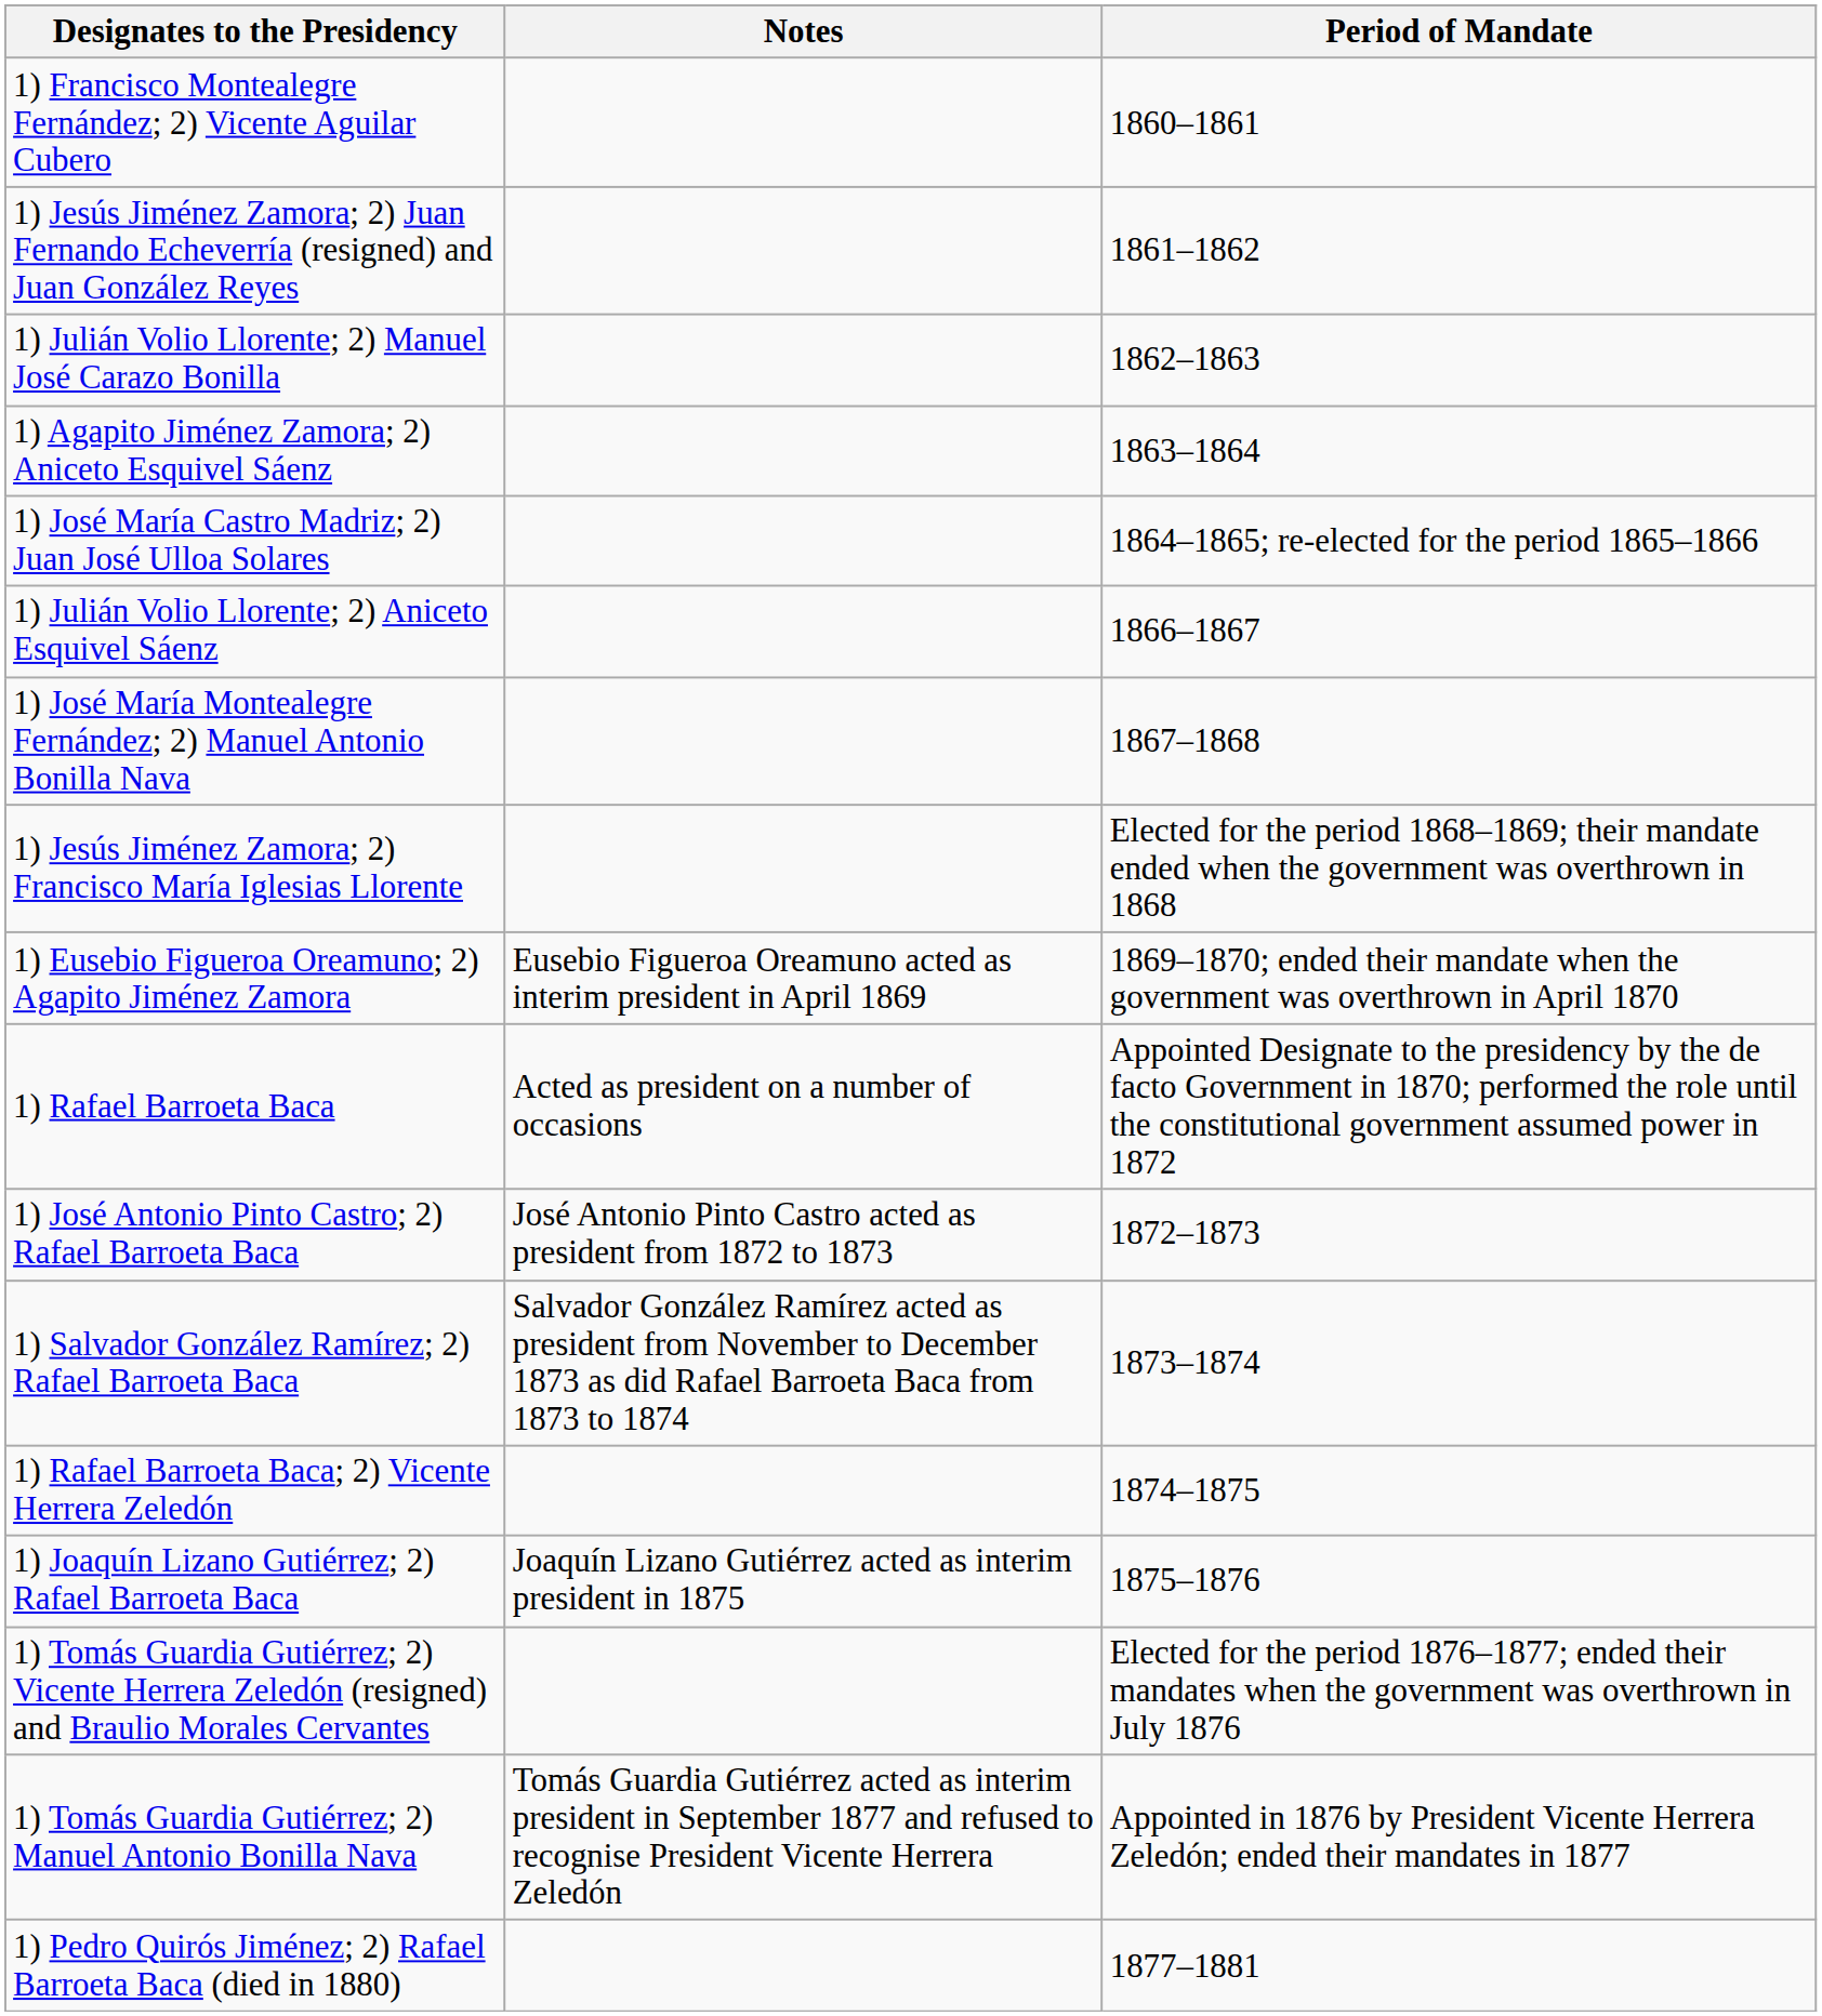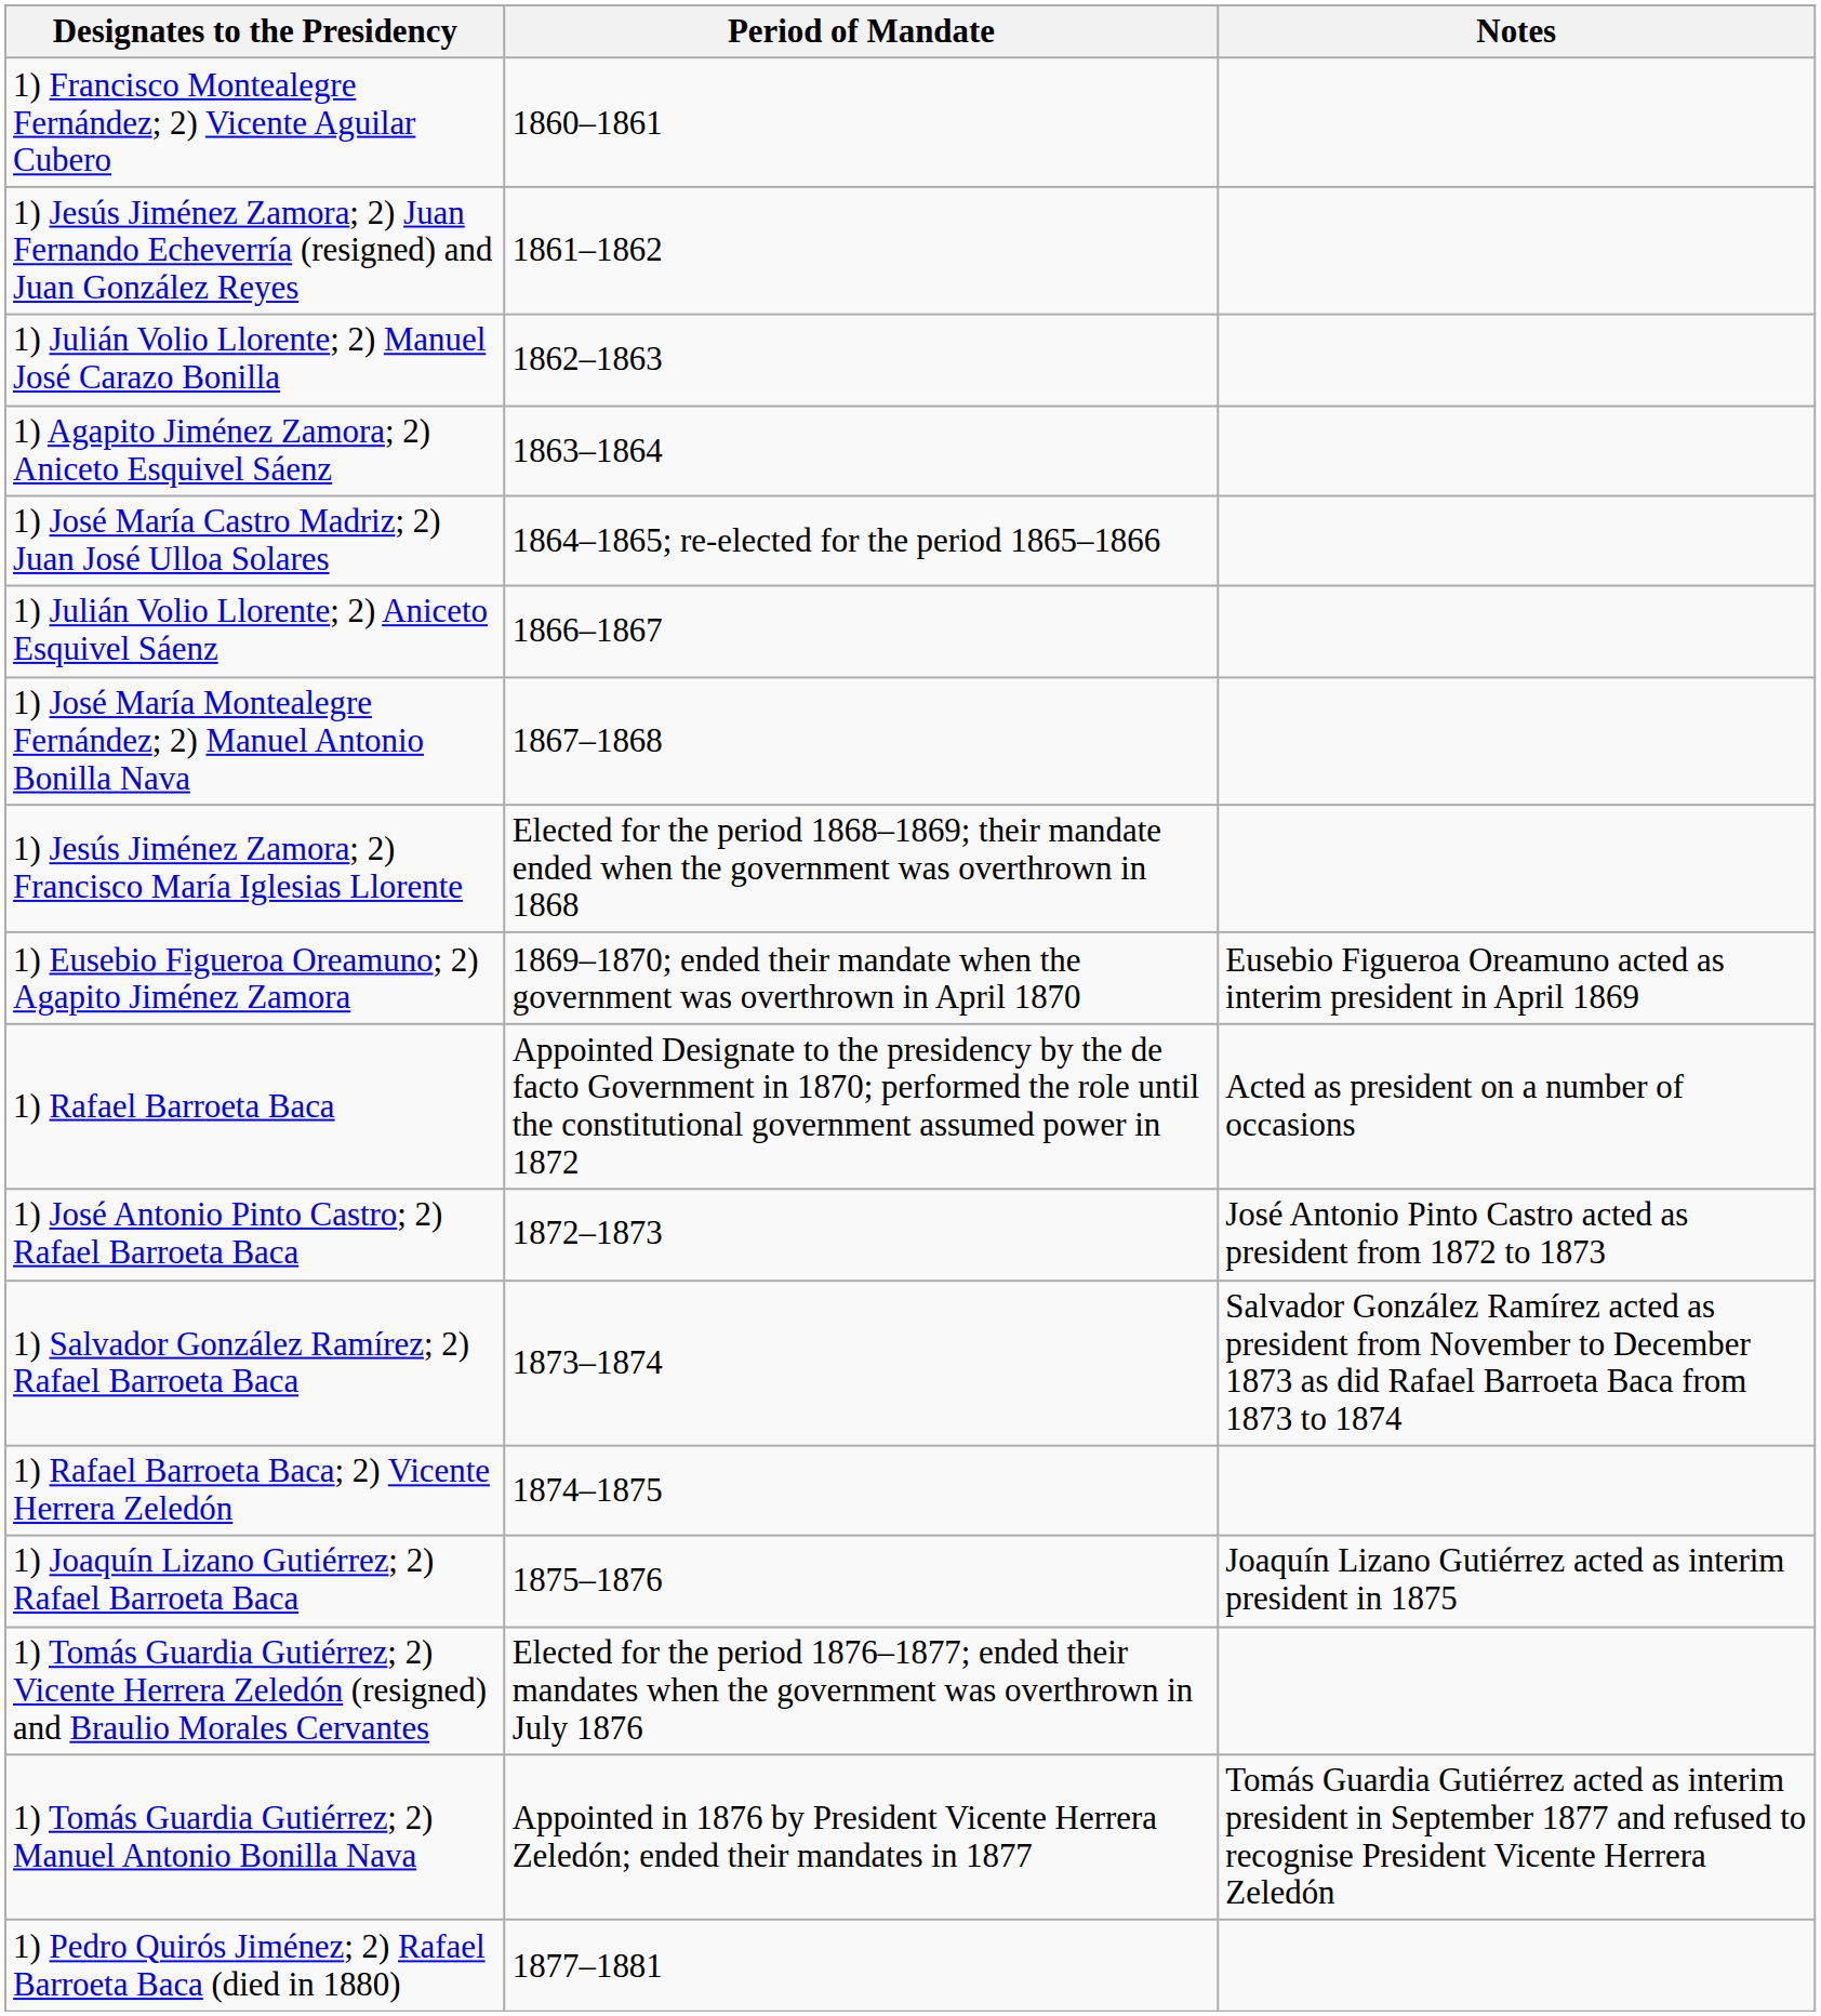 <table class="wikitable">
 <tr>
 <th>Designates to the Presidency</th>
+<th>Period of Mandate</th>
 <th>Notes</th>
-<th>Period of Mandate</th>
 </tr>
 <tr>
 <td>1) <a href='#'>Francisco Montealegre Fernández</a>; 2) <a href='#'>Vicente Aguilar Cubero</a></td>
+<td>1860–1861</td>
 <td></td>
-<td>1860–1861</td>
 </tr>
 <tr>
 <td>1) <a href='#'>Jesús Jiménez Zamora</a>; 2) <a href='#'>Juan Fernando Echeverría</a> (resigned) and <a href='#'>Juan González Reyes</a></td>
+<td>1861–1862</td>
 <td></td>
-<td>1861–1862</td>
 </tr>
 <tr>
 <td>1) <a href='#'>Julián Volio Llorente</a>; 2) <a href='#'>Manuel José Carazo Bonilla</a></td>
+<td>1862–1863</td>
 <td></td>
-<td>1862–1863</td>
 </tr>
 <tr>
 <td>1) <a href='#'>Agapito Jiménez Zamora</a>; 2) <a href='#'>Aniceto Esquivel Sáenz</a></td>
+<td>1863–1864</td>
 <td></td>
-<td>1863–1864</td>
 </tr>
 <tr>
 <td>1) <a href='#'>José María Castro Madriz</a>; 2) <a href='#'>Juan José Ulloa Solares</a></td>
+<td>1864–1865; re-elected for the period 1865–1866</td>
 <td></td>
-<td>1864–1865; re-elected for the period 1865–1866</td>
 </tr>
 <tr>
 <td>1) <a href='#'>Julián Volio Llorente</a>; 2) <a href='#'>Aniceto Esquivel Sáenz</a></td>
+<td>1866–1867</td>
 <td></td>
-<td>1866–1867</td>
 </tr>
 <tr>
 <td>1) <a href='#'>José María Montealegre Fernández</a>; 2) <a href='#'>Manuel Antonio Bonilla Nava</a></td>
+<td>1867–1868</td>
 <td></td>
-<td>1867–1868</td>
 </tr>
 <tr>
 <td>1) <a href='#'>Jesús Jiménez Zamora</a>; 2) <a href='#'>Francisco María Iglesias Llorente</a></td>
+<td>Elected for the period 1868–1869; their mandate ended when the government was overthrown in 1868</td>
 <td></td>
-<td>Elected for the period 1868–1869; their mandate ended when the government was overthrown in 1868</td>
 </tr>
 <tr>
 <td>1) <a href='#'>Eusebio Figueroa Oreamuno</a>; 2) <a href='#'>Agapito Jiménez Zamora</a></td>
+<td>1869–1870; ended their mandate when the government was overthrown in April 1870</td>
 <td>Eusebio Figueroa Oreamuno acted as interim president in April 1869</td>
-<td>1869–1870; ended their mandate when the government was overthrown in April 1870</td>
 </tr>
 <tr>
 <td>1) <a href='#'>Rafael Barroeta Baca</a></td>
+<td>Appointed Designate to the presidency by the de facto Government in 1870; performed the role until the constitutional government assumed power in 1872</td>
 <td>Acted as president on a number of occasions</td>
-<td>Appointed Designate to the presidency by the de facto Government in 1870; performed the role until the constitutional government assumed power in 1872</td>
 </tr>
 <tr>
 <td>1) <a href='#'>José Antonio Pinto Castro</a>; 2) <a href='#'>Rafael Barroeta Baca</a></td>
+<td>1872–1873</td>
 <td>José Antonio Pinto Castro acted as president from 1872 to 1873</td>
-<td>1872–1873</td>
 </tr>
 <tr>
 <td>1) <a href='#'>Salvador González Ramírez</a>; 2) <a href='#'>Rafael Barroeta Baca</a></td>
+<td>1873–1874</td>
 <td>Salvador González Ramírez acted as president from November to December 1873 as did Rafael Barroeta Baca from 1873 to 1874</td>
-<td>1873–1874</td>
 </tr>
 <tr>
 <td>1) <a href='#'>Rafael Barroeta Baca</a>; 2) <a href='#'>Vicente Herrera Zeledón</a></td>
+<td>1874–1875</td>
 <td></td>
-<td>1874–1875</td>
 </tr>
 <tr>
 <td>1) <a href='#'>Joaquín Lizano Gutiérrez</a>; 2) <a href='#'>Rafael Barroeta Baca</a></td>
+<td>1875–1876</td>
 <td>Joaquín Lizano Gutiérrez acted as interim president in 1875</td>
-<td>1875–1876</td>
 </tr>
 <tr>
 <td>1) <a href='#'>Tomás Guardia Gutiérrez</a>; 2) <a href='#'>Vicente Herrera Zeledón</a> (resigned) and <a href='#'>Braulio Morales Cervantes</a></td>
+<td>Elected for the period 1876–1877; ended their mandates when the government was overthrown in July 1876</td>
 <td></td>
-<td>Elected for the period 1876–1877; ended their mandates when the government was overthrown in July 1876</td>
 </tr>
 <tr>
 <td>1) <a href='#'>Tomás Guardia Gutiérrez</a>; 2) <a href='#'>Manuel Antonio Bonilla Nava</a></td>
+<td>Appointed in 1876 by President Vicente Herrera Zeledón; ended their mandates in 1877</td>
 <td>Tomás Guardia Gutiérrez acted as interim president in September 1877 and refused to recognise President Vicente Herrera Zeledón</td>
-<td>Appointed in 1876 by President Vicente Herrera Zeledón; ended their mandates in 1877</td>
 </tr>
 <tr>
 <td>1) <a href='#'>Pedro Quirós Jiménez</a>; 2) <a href='#'>Rafael Barroeta Baca</a> (died in 1880)</td>
+<td>1877–1881</td>
 <td></td>
-<td>1877–1881</td>
 </tr>
 </table>
